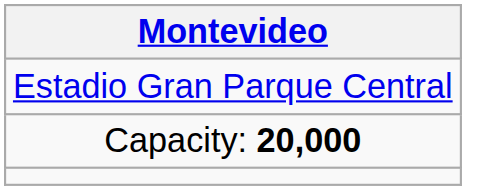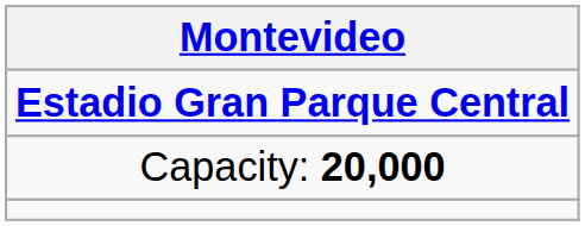 <table class="wikitable" style="text-align:center">
 <tr>
 <th><a href='#'>Montevideo</a></th>
 </tr>
 <tr>
-<td><a href='#'>Estadio Gran Parque Central</a></td>
+<td><strong><a href='#'>Estadio Gran Parque Central</a></strong></td>
 </tr>
 <tr>
 <td>Capacity: <strong>20,000</strong></td>
 </tr>
 <tr>
 <td></td>
 </tr>
 </table>
